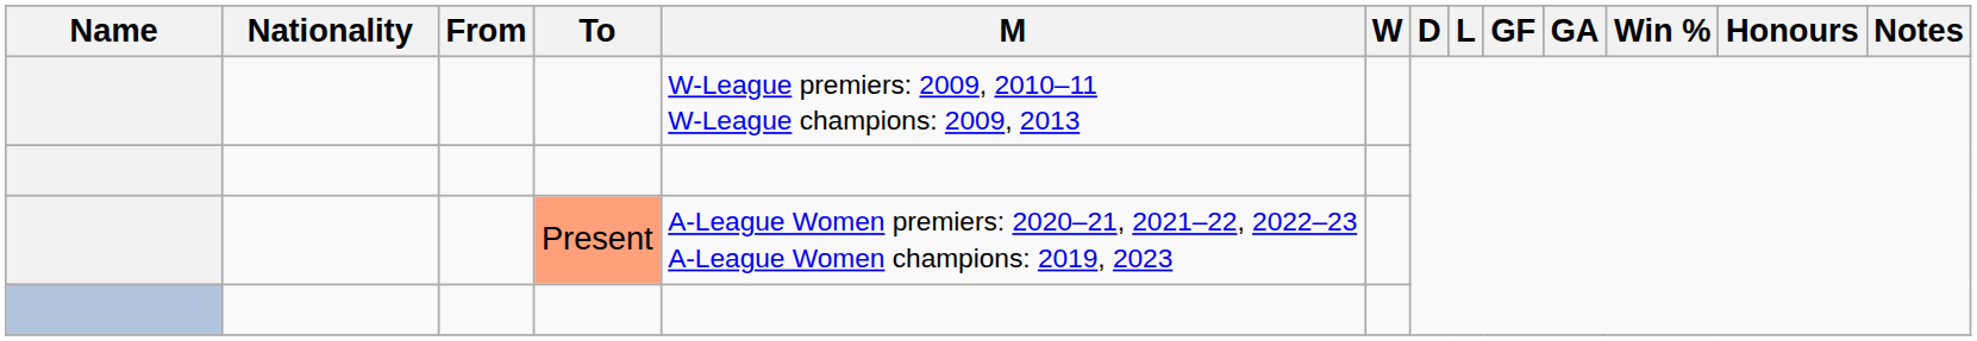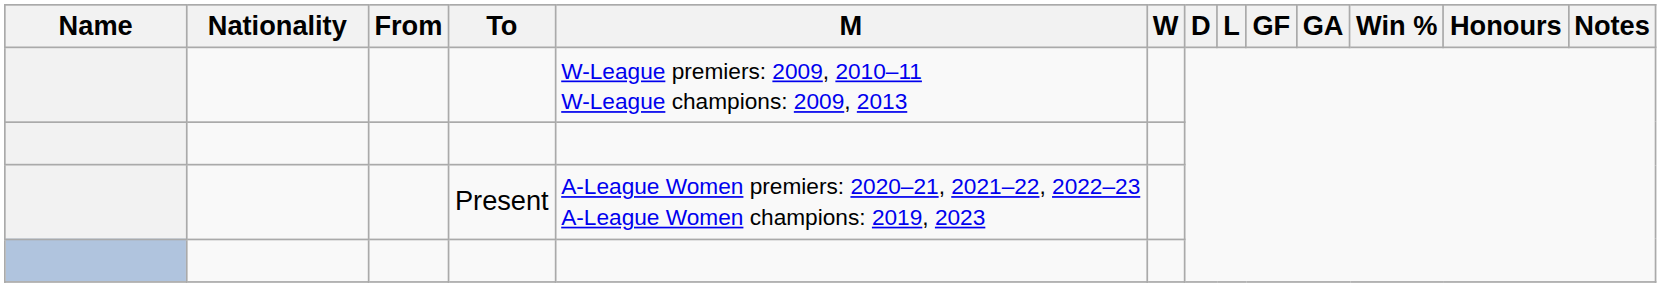 <table class="wikitable plainrowheaders sortable" style="text-align:center">
 <tr>
 <th width=11%>Name</th>
 <th width=11%>Nationality</th>
 <th>From</th>
 <th>To</th>
 <th>M</th>
 <th>W</th>
 <th>D</th>
 <th>L</th>
 <th>GF</th>
 <th>GA</th>
 <th>Win %</th>
 <th class="unsortable">Honours</th>
 <th class="unsortable">Notes</th>
 </tr>
 <tr>
 <th scope=row style=text-align:left></th>
 <td align=left></td>
 <td align=left></td>
 <td align=left><br></td>
 <td align=left><small><a href='#'>W-League</a> premiers: <a href='#'>2009</a>, <a href='#'>2010–11</a> <br><a href='#'>W-League</a> champions: <a href='#'>2009</a>, <a href='#'>2013</a></small></td>
 <td></td>
 </tr>
 <tr>
 <th scope=row style=text-align:left></th>
 <td align=left></td>
 <td align=left></td>
 <td align=left><br></td>
 <td></td>
 <td></td>
 </tr>
 <tr>
 <th scope=row style=text-align:left></th>
 <td align=left></td>
 <td align=left></td>
-<td align=left style="background: lightsalmon;">Present<br></td>
+<td align=left>Present<br></td>
 <td align=left><small><a href='#'>A-League Women</a> premiers: <a href='#'>2020–21</a>, <a href='#'>2021–22</a>, <a href='#'>2022–23</a><br> <a href='#'>A-League Women</a> champions: <a href='#'>2019</a>, <a href='#'>2023</a></small></td>
 <td></td>
 </tr>
 <tr>
 <th scope=row style=background:#B0C4DE> </th>
 <td align=left></td>
 <td align=left></td>
 <td align=left><br></td>
 <td></td>
 <td></td>
 </tr>
 </table>
